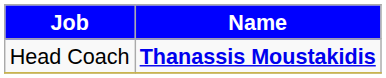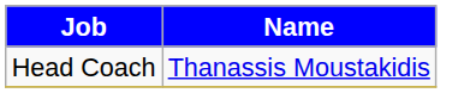 <table class="wikitable" bgcolor="#f7f8ff" cellpadding="3" cellspacing="0" border="1" style="font-size: 95%; border: 1px solid #CFB53B; border-collapse: collapse;">
 <tr style="color: #FFFFFF;background:#0000FF">
 <td align=center><strong>Job</strong></td>
 <td align=center><strong>Name</strong></td>
 </tr>
 <tr>
 <td>Head Coach</td>
-<td><strong> <a href='#'>Thanassis Moustakidis</a></strong></td>
+<td> <a href='#'>Thanassis Moustakidis</a></td>
 </tr>
 <tr>
 </tr>
 </table>
